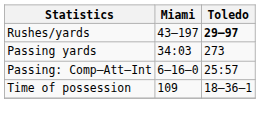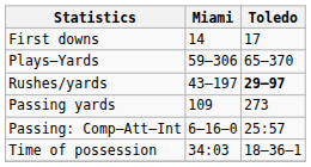 <table class="wikitable" style="float: left;">
 <tr>
 <th>Statistics</th>
 <th>Miami</th>
 <th>Toledo</th>
+</tr>
+<tr>
+<td>First downs</td>
+<td>14</td>
+<td>17</td>
+</tr>
+<tr>
+<td>Plays–Yards</td>
+<td>59–306</td>
+<td>65–370</td>
 </tr>
 <tr>
 <td>Rushes/yards</td>
 <td>43–197</td>
 <td><strong>29–97</strong></td>
 </tr>
 <tr>
 <td>Passing yards</td>
-<td>34:03</td>
+<td>109</td>
 <td>273</td>
 </tr>
 <tr>
 <td>Passing: Comp–Att–Int</td>
 <td>6–16–0</td>
 <td>25:57</td>
 </tr>
 <tr>
 <td>Time of possession</td>
-<td>109</td>
+<td>34:03</td>
 <td>18–36–1</td>
 </tr>
 <tr>
 </tr>
 </table>
